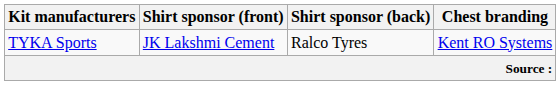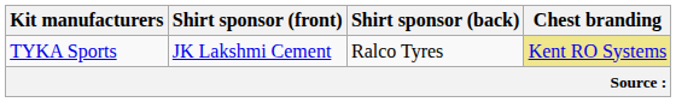 <table class="wikitable">
 <tr>
 <th>Kit manufacturers</th>
 <th>Shirt sponsor (front)</th>
 <th>Shirt sponsor (back)</th>
 <th>Chest branding</th>
 </tr>
 <tr>
 <td><a href='#'>TYKA Sports</a></td>
 <td><a href='#'>JK Lakshmi Cement</a></td>
 <td>Ralco Tyres</td>
-<td><a href='#'>Kent RO Systems</a></td>
+<td style="background: khaki;"><a href='#'>Kent RO Systems</a></td>
 </tr>
 <tr>
 <th colspan="4" style="text-align:right;"><small> Source : </small></th>
 </tr>
 </table>
